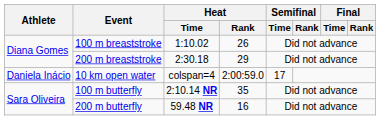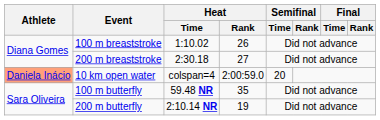 <table class=wikitable style="font-size:90%">
 <tr>
 <th rowspan="2">Athlete</th>
 <th rowspan="2">Event</th>
 <th colspan="2">Heat</th>
 <th colspan="2">Semifinal</th>
 <th colspan="2">Final</th>
 </tr>
 <tr style="font-size:95%">
 <th>Time</th>
 <th>Rank</th>
 <th>Time</th>
 <th>Rank</th>
 <th>Time</th>
 <th>Rank</th>
 </tr>
 <tr align=center>
 <td align=left rowspan=2><a href='#'>Diana Gomes</a></td>
 <td align=left><a href='#'>100 m breaststroke</a></td>
 <td>1:10.02</td>
 <td>26</td>
 <td colspan=4>Did not advance</td>
 </tr>
 <tr align=center>
 <td align=left><a href='#'>200 m breaststroke</a></td>
 <td>2:30.18</td>
-<td>29</td>
+<td>27</td>
 <td colspan=4>Did not advance</td>
 </tr>
 <tr align=center>
-<td align=left><a href='#'>Daniela Inácio</a></td>
+<td align=left style="background: lightsalmon;"><a href='#'>Daniela Inácio</a></td>
 <td align=left><a href='#'>10 km open water</a></td>
 <td>colspan=4 </td>
 <td>2:00:59.0</td>
-<td>17</td>
+<td>20</td>
 </tr>
 <tr align=center>
 <td align=left rowspan=2><a href='#'>Sara Oliveira</a></td>
 <td align=left><a href='#'>100 m butterfly</a></td>
-<td>2:10.14 <strong><a href='#'>NR</a></strong></td>
+<td>59.48 <strong><a href='#'>NR</a></strong></td>
 <td>35</td>
 <td colspan=4>Did not advance</td>
 </tr>
 <tr align=center>
 <td align=left><a href='#'>200 m butterfly</a></td>
-<td>59.48 <strong><a href='#'>NR</a></strong></td>
-<td>16</td>
+<td>2:10.14 <strong><a href='#'>NR</a></strong></td>
+<td>19</td>
 <td colspan=4>Did not advance</td>
 </tr>
 </table>
